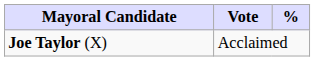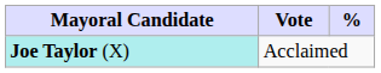 <table class="wikitable">
 <tr>
 <th style="background:#ddf; width:200px;">Mayoral Candidate</th>
 <th style="background:#ddf; width:50px;">Vote</th>
 <th style="background:#ddf; width:30px;">%</th>
 </tr>
 <tr>
-<td><strong>Joe Taylor</strong> (X)</td>
+<td style="background: paleturquoise;"><strong>Joe Taylor</strong> (X)</td>
 <td colspan="2">Acclaimed</td>
 </tr>
 </table>
